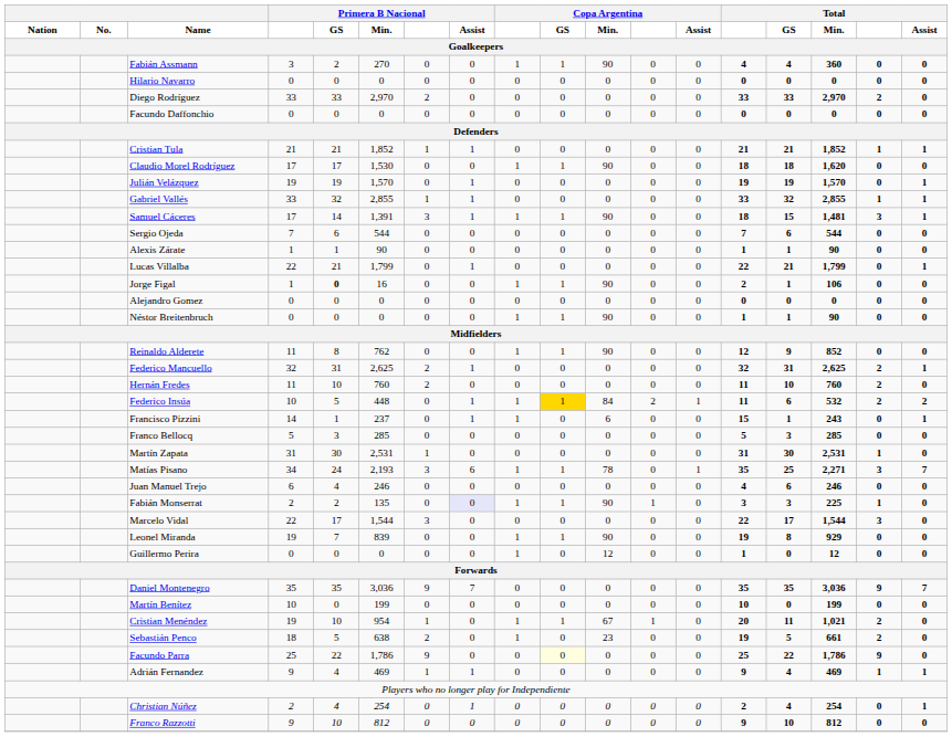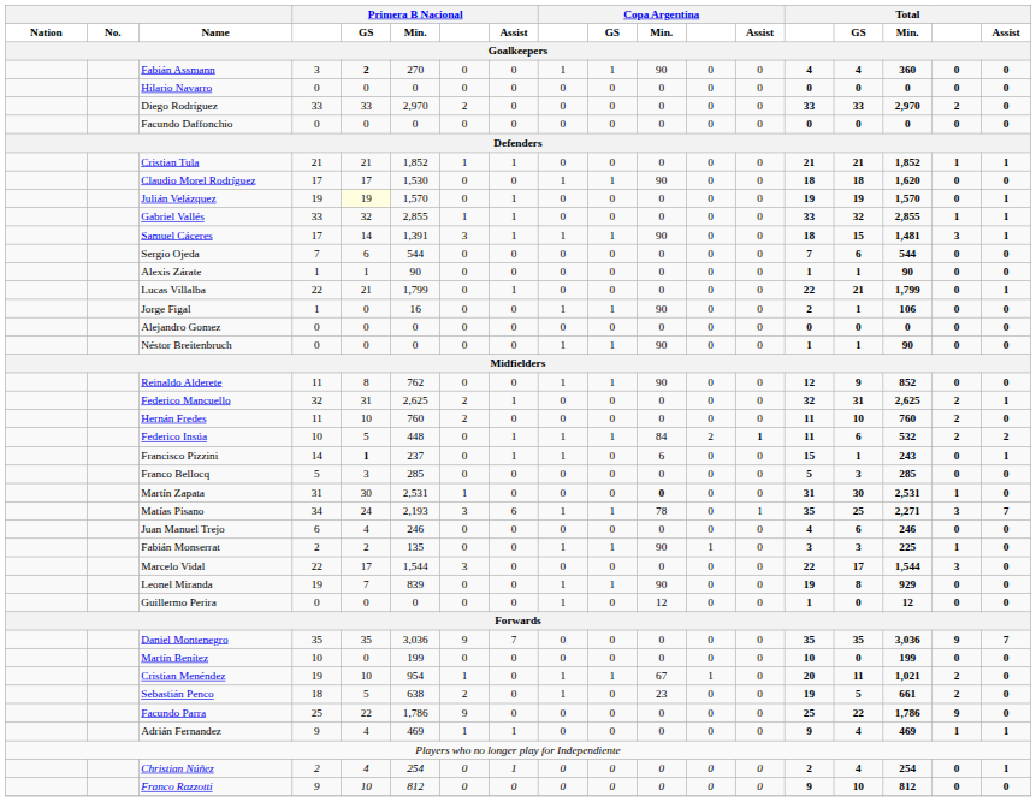 <table class="wikitable" style="font-size: 95%; text-align: center">
 <tr>
 <th colspan=3></th>
 <th colspan=5><a href='#'>Primera B Nacional</a></th>
 <th colspan=5><a href='#'>Copa Argentina</a></th>
 <th colspan=5>Total</th>
 </tr>
 <tr>
 <th width="8%" style="background: #FFFFFF">Nation</th>
 <th width="5%" style="background: #FFFFFF">No.</th>
 <th width="15%" style="background: #FFFFFF">Name</th>
 <th width=60 style="background: #FFFFFF"></th>
 <th width=60 style="background: #FFFFFF">GS</th>
 <th width=60 style="background: #FFFFFF">Min.</th>
 <th width=60 style="background: #FFFFFF"></th>
 <th width=60 style="background: #FFFFFF">Assist</th>
 <th width=60 style="background: #FFFFFF"></th>
 <th width=60 style="background: #FFFFFF">GS</th>
 <th width=60 style="background: #FFFFFF">Min.</th>
 <th width=60 style="background: #FFFFFF"></th>
 <th width=60 style="background: #FFFFFF">Assist</th>
 <th width=60 style="background: #FFFFFF"></th>
 <th width=60 style="background: #FFFFFF">GS</th>
 <th width=60 style="background: #FFFFFF">Min.</th>
 <th width=60 style="background: #FFFFFF"></th>
 <th width=60 style="background: #FFFFFF">Assist</th>
 </tr>
 <tr>
 <th colspan=31>Goalkeepers</th>
 </tr>
 <tr>
 <td></td>
 <td></td>
 <td align=left><a href='#'>Fabián Assmann</a></td>
 <td>3 </td>
-<td>2 </td>
+<td><strong>2 </strong></td>
 <td>270 </td>
 <td>0 </td>
 <td>0 </td>
 <td>1 </td>
 <td>1 </td>
 <td>90 </td>
 <td>0 </td>
 <td>0 </td>
 <td><strong>4</strong> </td>
 <td><strong>4</strong> </td>
 <td><strong>360</strong> </td>
 <td><strong>0</strong> </td>
 <td><strong>0</strong> </td>
 </tr>
 <tr>
 <td></td>
 <td></td>
 <td align=left><a href='#'>Hilario Navarro</a></td>
 <td>0 </td>
 <td>0 </td>
 <td>0 </td>
 <td>0 </td>
 <td>0 </td>
 <td>0 </td>
 <td>0 </td>
 <td>0 </td>
 <td>0 </td>
 <td>0 </td>
 <td><strong>0</strong> </td>
 <td><strong>0</strong> </td>
 <td><strong>0</strong> </td>
 <td><strong>0</strong> </td>
 <td><strong>0</strong> </td>
 </tr>
 <tr>
 <td></td>
 <td></td>
 <td align=left>Diego Rodríguez</td>
 <td>33 </td>
 <td>33  </td>
 <td>2,970 </td>
 <td>2 </td>
 <td>0 </td>
 <td>0 </td>
 <td>0 </td>
 <td>0 </td>
 <td>0 </td>
 <td>0 </td>
 <td><strong>33</strong> </td>
 <td><strong>33</strong> </td>
 <td><strong>2,970</strong> </td>
 <td><strong>2</strong> </td>
 <td><strong>0</strong> </td>
 </tr>
 <tr>
 <td></td>
 <td></td>
 <td align=left>Facundo Daffonchio</td>
 <td>0 </td>
 <td>0 </td>
 <td>0 </td>
 <td>0 </td>
 <td>0 </td>
 <td>0 </td>
 <td>0 </td>
 <td>0 </td>
 <td>0 </td>
 <td>0 </td>
 <td><strong>0</strong> </td>
 <td><strong>0</strong> </td>
 <td><strong>0</strong> </td>
 <td><strong>0</strong> </td>
 <td><strong>0</strong> </td>
 </tr>
 <tr>
 <th colspan=31>Defenders</th>
 </tr>
 <tr>
 <td></td>
 <td></td>
 <td align=left><a href='#'>Cristian Tula</a></td>
 <td>21 </td>
 <td>21 </td>
 <td>1,852 </td>
 <td>1 </td>
 <td>1 </td>
 <td>0 </td>
 <td>0 </td>
 <td>0 </td>
 <td>0 </td>
 <td>0 </td>
 <td><strong>21</strong> </td>
 <td><strong>21</strong> </td>
 <td><strong>1,852</strong> </td>
 <td><strong>1</strong> </td>
 <td><strong>1</strong> </td>
 </tr>
 <tr>
 <td></td>
 <td></td>
 <td align=left><a href='#'>Claudio Morel Rodríguez</a></td>
 <td>17 </td>
 <td>17 </td>
 <td>1,530 </td>
 <td>0 </td>
 <td>0 </td>
 <td>1 </td>
 <td>1 </td>
 <td>90 </td>
 <td>0 </td>
 <td>0 </td>
 <td><strong>18</strong> </td>
 <td><strong>18</strong> </td>
 <td><strong>1,620</strong> </td>
 <td><strong>0</strong> </td>
 <td><strong>0</strong> </td>
 </tr>
 <tr>
 <td></td>
 <td></td>
 <td align=left><a href='#'>Julián Velázquez</a></td>
 <td>19 </td>
-<td>19 </td>
+<td style="background: lightyellow;">19 </td>
 <td>1,570 </td>
 <td>0 </td>
 <td>1 </td>
 <td>0 </td>
 <td>0 </td>
 <td>0 </td>
 <td>0 </td>
 <td>0 </td>
 <td><strong>19</strong> </td>
 <td><strong>19</strong> </td>
 <td><strong>1,570</strong> </td>
 <td><strong>0</strong> </td>
 <td><strong>1</strong> </td>
 </tr>
 <tr>
 <td></td>
 <td></td>
 <td align=left><a href='#'>Gabriel Vallés</a></td>
 <td>33 </td>
 <td>32 </td>
 <td>2,855 </td>
 <td>1 </td>
 <td>1 </td>
 <td>0 </td>
 <td>0 </td>
 <td>0 </td>
 <td>0 </td>
 <td>0 </td>
 <td><strong>33</strong> </td>
 <td><strong>32</strong> </td>
 <td><strong>2,855</strong> </td>
 <td><strong>1</strong> </td>
 <td><strong>1</strong> </td>
 </tr>
 <tr>
 <td></td>
 <td></td>
 <td align=left><a href='#'>Samuel Cáceres</a></td>
 <td>17 </td>
 <td>14 </td>
 <td>1,391 </td>
 <td>3 </td>
 <td>1 </td>
 <td>1 </td>
 <td>1 </td>
 <td>90 </td>
 <td>0 </td>
 <td>0 </td>
 <td><strong>18</strong> </td>
 <td><strong>15</strong> </td>
 <td><strong>1,481</strong> </td>
 <td><strong>3</strong> </td>
 <td><strong>1</strong> </td>
 </tr>
 <tr>
 <td></td>
 <td></td>
 <td align=left>Sergio Ojeda</td>
 <td>7 </td>
 <td>6 </td>
 <td>544 </td>
 <td>0 </td>
 <td>0 </td>
 <td>0 </td>
 <td>0 </td>
 <td>0 </td>
 <td>0 </td>
 <td>0 </td>
 <td><strong>7</strong> </td>
 <td><strong>6</strong> </td>
 <td><strong>544</strong> </td>
 <td><strong>0</strong> </td>
 <td><strong>0</strong> </td>
 </tr>
 <tr>
 <td></td>
 <td></td>
 <td align=left>Alexis Zárate</td>
 <td>1 </td>
 <td>1 </td>
 <td>90 </td>
 <td>0 </td>
 <td>0 </td>
 <td>0 </td>
 <td>0 </td>
 <td>0 </td>
 <td>0 </td>
 <td>0 </td>
 <td><strong>1</strong> </td>
 <td><strong>1</strong> </td>
 <td><strong>90</strong> </td>
 <td><strong>0</strong> </td>
 <td><strong>0</strong> </td>
 </tr>
 <tr>
 <td></td>
 <td></td>
 <td align=left>Lucas Villalba</td>
 <td>22 </td>
 <td>21 </td>
 <td>1,799 </td>
 <td>0 </td>
 <td>1 </td>
 <td>0 </td>
 <td>0 </td>
 <td>0 </td>
 <td>0 </td>
 <td>0 </td>
 <td><strong>22</strong> </td>
 <td><strong>21</strong> </td>
 <td><strong>1,799</strong> </td>
 <td><strong>0</strong> </td>
 <td><strong>1</strong> </td>
 </tr>
 <tr>
 <td></td>
 <td></td>
 <td align=left>Jorge Figal</td>
 <td>1 </td>
-<td><strong>0 </strong></td>
+<td>0 </td>
 <td>16 </td>
 <td>0 </td>
 <td>0 </td>
 <td>1 </td>
 <td>1 </td>
 <td>90 </td>
 <td>0 </td>
 <td>0 </td>
 <td><strong>2</strong> </td>
 <td><strong>1</strong> </td>
 <td><strong>106</strong> </td>
 <td><strong>0</strong> </td>
 <td><strong>0</strong> </td>
 </tr>
 <tr>
 <td></td>
 <td></td>
 <td align=left>Alejandro Gomez</td>
 <td>0 </td>
 <td>0 </td>
 <td>0 </td>
 <td>0 </td>
 <td>0 </td>
 <td>0 </td>
 <td>0 </td>
 <td>0 </td>
 <td>0 </td>
 <td>0 </td>
 <td><strong>0</strong> </td>
 <td><strong>0</strong> </td>
 <td><strong>0</strong> </td>
 <td><strong>0</strong> </td>
 <td><strong>0</strong> </td>
 </tr>
 <tr>
 <td></td>
 <td></td>
 <td align=left>Néstor Breitenbruch</td>
 <td>0 </td>
 <td>0 </td>
 <td>0 </td>
 <td>0 </td>
 <td>0 </td>
 <td>1 </td>
 <td>1 </td>
 <td>90 </td>
 <td>0 </td>
 <td>0 </td>
 <td><strong>1</strong> </td>
 <td><strong>1</strong> </td>
 <td><strong>90</strong> </td>
 <td><strong>0</strong> </td>
 <td><strong>0</strong> </td>
 </tr>
 <tr>
 <th colspan=31>Midfielders</th>
 </tr>
 <tr>
 <td></td>
 <td></td>
 <td align=left><a href='#'>Reinaldo Alderete</a></td>
 <td>11 </td>
 <td>8 </td>
 <td>762 </td>
 <td>0 </td>
 <td>0 </td>
 <td>1 </td>
 <td>1 </td>
 <td>90 </td>
 <td>0 </td>
 <td>0 </td>
 <td><strong>12</strong> </td>
 <td><strong>9</strong> </td>
 <td><strong>852</strong> </td>
 <td><strong>0</strong> </td>
 <td><strong>0</strong> </td>
 </tr>
 <tr>
 <td></td>
 <td></td>
 <td align=left><a href='#'>Federico Mancuello</a></td>
 <td>32 </td>
 <td>31 </td>
 <td>2,625 </td>
 <td>2 </td>
 <td>1 </td>
 <td>0 </td>
 <td>0 </td>
 <td>0 </td>
 <td>0 </td>
 <td>0 </td>
 <td><strong>32</strong> </td>
 <td><strong>31</strong> </td>
 <td><strong>2,625</strong> </td>
 <td><strong>2</strong> </td>
 <td><strong>1</strong> </td>
 </tr>
 <tr>
 <td></td>
 <td></td>
 <td align=left><a href='#'>Hernán Fredes</a></td>
 <td>11 </td>
 <td>10 </td>
 <td>760 </td>
 <td>2 </td>
 <td>0 </td>
 <td>0 </td>
 <td>0 </td>
 <td>0 </td>
 <td>0 </td>
 <td>0 </td>
 <td><strong>11</strong> </td>
 <td><strong>10</strong> </td>
 <td><strong>760</strong> </td>
 <td><strong>2</strong> </td>
 <td><strong>0</strong> </td>
 </tr>
 <tr>
 <td></td>
 <td></td>
 <td align=left><a href='#'>Federico Insúa</a></td>
 <td>10 </td>
 <td>5 </td>
 <td>448 </td>
 <td>0 </td>
 <td>1 </td>
 <td>1 </td>
-<td style="background: gold;">1 </td>
+<td>1 </td>
 <td>84 </td>
 <td>2 </td>
-<td>1 </td>
+<td><strong>1 </strong></td>
 <td><strong>11</strong> </td>
 <td><strong>6</strong> </td>
 <td><strong>532</strong> </td>
 <td><strong>2</strong> </td>
 <td><strong>2</strong> </td>
 </tr>
 <tr>
 <td></td>
 <td></td>
 <td align=left>Francisco Pizzini</td>
 <td>14 </td>
-<td>1 </td>
+<td><strong>1 </strong></td>
 <td>237 </td>
 <td>0 </td>
 <td>1 </td>
 <td>1 </td>
 <td>0 </td>
 <td>6 </td>
 <td>0 </td>
 <td>0 </td>
 <td><strong>15</strong> </td>
 <td><strong>1</strong> </td>
 <td><strong>243</strong> </td>
 <td><strong>0</strong> </td>
 <td><strong>1</strong> </td>
 </tr>
 <tr>
 <td></td>
 <td></td>
 <td align=left>Franco Bellocq</td>
 <td>5 </td>
 <td>3 </td>
 <td>285 </td>
 <td>0 </td>
 <td>0 </td>
 <td>0 </td>
 <td>0 </td>
 <td>0 </td>
 <td>0 </td>
 <td>0 </td>
 <td><strong>5</strong> </td>
 <td><strong>3</strong> </td>
 <td><strong>285</strong> </td>
 <td><strong>0</strong> </td>
 <td><strong>0</strong> </td>
 </tr>
 <tr>
 <td></td>
 <td></td>
 <td align=left>Martín Zapata</td>
 <td>31 </td>
 <td>30 </td>
 <td>2,531 </td>
 <td>1 </td>
 <td>0 </td>
 <td>0 </td>
 <td>0 </td>
-<td>0 </td>
+<td><strong>0 </strong></td>
 <td>0 </td>
 <td>0 </td>
 <td><strong>31</strong> </td>
 <td><strong>30</strong> </td>
 <td><strong>2,531</strong> </td>
 <td><strong>1</strong> </td>
 <td><strong>0</strong> </td>
 </tr>
 <tr>
 <td></td>
 <td></td>
 <td align=left>Matías Pisano</td>
 <td>34 </td>
 <td>24 </td>
 <td>2,193 </td>
 <td>3 </td>
 <td>6 </td>
 <td>1 </td>
 <td>1 </td>
 <td>78 </td>
 <td>0 </td>
 <td>1 </td>
 <td><strong>35</strong> </td>
 <td><strong>25</strong> </td>
 <td><strong>2,271</strong> </td>
 <td><strong>3</strong> </td>
 <td><strong>7</strong> </td>
 </tr>
 <tr>
 <td></td>
 <td></td>
 <td align=left>Juan Manuel Trejo</td>
 <td>6 </td>
 <td>4 </td>
 <td>246 </td>
 <td>0 </td>
 <td>0 </td>
 <td>0 </td>
 <td>0 </td>
 <td>0 </td>
 <td>0 </td>
 <td>0 </td>
 <td><strong>4</strong> </td>
 <td><strong>6</strong> </td>
 <td><strong>246</strong> </td>
 <td><strong>0</strong> </td>
 <td><strong>0</strong> </td>
 </tr>
 <tr>
 <td></td>
 <td></td>
 <td align=left>Fabián Monserrat</td>
 <td>2 </td>
 <td>2 </td>
 <td>135 </td>
 <td>0 </td>
-<td style="background: lavender;">0 </td>
+<td>0 </td>
 <td>1 </td>
 <td>1 </td>
 <td>90 </td>
 <td>1 </td>
 <td>0 </td>
 <td><strong>3</strong> </td>
 <td><strong>3</strong> </td>
 <td><strong>225</strong> </td>
 <td><strong>1</strong> </td>
 <td><strong>0</strong> </td>
 </tr>
 <tr>
 <td></td>
 <td></td>
 <td align=left>Marcelo Vidal</td>
 <td>22 </td>
 <td>17 </td>
 <td>1,544 </td>
 <td>3 </td>
 <td>0 </td>
 <td>0 </td>
 <td>0 </td>
 <td>0 </td>
 <td>0 </td>
 <td>0 </td>
 <td><strong>22</strong> </td>
 <td><strong>17</strong> </td>
 <td><strong>1,544</strong> </td>
 <td><strong>3</strong> </td>
 <td><strong>0</strong> </td>
 </tr>
 <tr>
 <td></td>
 <td></td>
 <td align=left>Leonel Miranda</td>
 <td>19 </td>
 <td>7 </td>
 <td>839 </td>
 <td>0 </td>
 <td>0 </td>
 <td>1 </td>
 <td>1 </td>
 <td>90 </td>
 <td>0 </td>
 <td>0 </td>
 <td><strong>19</strong> </td>
 <td><strong>8</strong> </td>
 <td><strong>929</strong> </td>
 <td><strong>0</strong> </td>
 <td><strong>0</strong> </td>
 </tr>
 <tr>
 <td></td>
 <td></td>
 <td align=left>Guillermo Perira</td>
 <td>0 </td>
 <td>0 </td>
 <td>0 </td>
 <td>0 </td>
 <td>0 </td>
 <td>1 </td>
 <td>0 </td>
 <td>12 </td>
 <td>0 </td>
 <td>0 </td>
 <td><strong>1</strong> </td>
 <td><strong>0</strong> </td>
 <td><strong>12</strong> </td>
 <td><strong>0</strong> </td>
 <td><strong>0</strong> </td>
 </tr>
 <tr>
 <th colspan=31>Forwards</th>
 </tr>
 <tr>
 <td></td>
 <td></td>
 <td align=left><a href='#'>Daniel Montenegro</a></td>
 <td>35 </td>
 <td>35 </td>
 <td>3,036 </td>
 <td>9 </td>
 <td>7 </td>
 <td>0 </td>
 <td>0 </td>
 <td>0 </td>
 <td>0 </td>
 <td>0 </td>
 <td><strong>35</strong> </td>
 <td><strong>35</strong> </td>
 <td><strong>3,036</strong> </td>
 <td><strong>9</strong> </td>
 <td><strong>7</strong> </td>
 </tr>
 <tr>
 <td></td>
 <td></td>
 <td align=left><a href='#'>Martín Benítez</a></td>
 <td>10 </td>
 <td>0 </td>
 <td>199 </td>
 <td>0 </td>
 <td>0 </td>
 <td>0 </td>
 <td>0 </td>
 <td>0 </td>
 <td>0 </td>
 <td>0 </td>
 <td><strong>10</strong> </td>
 <td><strong>0</strong> </td>
 <td><strong>199</strong> </td>
 <td><strong>0</strong> </td>
 <td><strong>0</strong> </td>
 </tr>
 <tr>
 <td></td>
 <td></td>
 <td align=left><a href='#'>Cristian Menéndez</a></td>
 <td>19 </td>
 <td>10 </td>
 <td>954 </td>
 <td>1 </td>
 <td>0 </td>
 <td>1 </td>
 <td>1 </td>
 <td>67 </td>
 <td>1 </td>
 <td>0 </td>
 <td><strong>20</strong> </td>
 <td><strong>11</strong> </td>
 <td><strong>1,021</strong> </td>
 <td><strong>2</strong> </td>
 <td><strong>0</strong> </td>
 </tr>
 <tr>
 <td></td>
 <td></td>
 <td align=left><a href='#'>Sebastián Penco</a></td>
 <td>18 </td>
 <td>5 </td>
 <td>638 </td>
 <td>2 </td>
 <td>0 </td>
 <td>1 </td>
 <td>0 </td>
 <td>23 </td>
 <td>0 </td>
 <td>0 </td>
 <td><strong>19</strong> </td>
 <td><strong>5</strong> </td>
 <td><strong>661</strong> </td>
 <td><strong>2</strong> </td>
 <td><strong>0</strong> </td>
 </tr>
 <tr>
 <td></td>
 <td></td>
 <td align=left><a href='#'>Facundo Parra</a></td>
 <td>25 </td>
 <td>22 </td>
 <td>1,786 </td>
 <td>9 </td>
 <td>0 </td>
 <td>0 </td>
-<td style="background: lightyellow;">0 </td>
+<td>0 </td>
 <td>0 </td>
 <td>0 </td>
 <td>0 </td>
 <td><strong>25</strong> </td>
 <td><strong>22</strong> </td>
 <td><strong>1,786</strong> </td>
 <td><strong>9</strong> </td>
 <td><strong>0</strong> </td>
 </tr>
 <tr>
 <td></td>
 <td></td>
 <td align=left>Adrián Fernandez</td>
 <td>9 </td>
 <td>4 </td>
 <td>469 </td>
 <td>1 </td>
 <td>1 </td>
 <td>0 </td>
 <td>0 </td>
 <td>0 </td>
 <td>0 </td>
 <td>0 </td>
 <td><strong>9</strong> </td>
 <td><strong>4</strong> </td>
 <td><strong>469</strong> </td>
 <td><strong>1</strong> </td>
 <td><strong>1</strong> </td>
 </tr>
 <tr>
 <td colspan="24"><em>Players who no longer play for Independiente</em></td>
 </tr>
 <tr>
 <td></td>
 <td></td>
 <td align=left><em><a href='#'>Christian Núñez</a></em></td>
 <td><em>2</em> </td>
 <td><em>4</em> </td>
 <td><em>254</em> </td>
 <td><em>0</em> </td>
 <td><em>1</em> </td>
 <td><em>0</em> </td>
 <td><em>0</em> </td>
 <td><em>0</em> </td>
 <td><em>0</em> </td>
 <td><em>0</em> </td>
 <td><strong>2</strong> </td>
 <td><strong>4</strong> </td>
 <td><strong>254</strong> </td>
 <td><strong>0</strong> </td>
 <td><strong>1</strong> </td>
 </tr>
 <tr>
 <td></td>
 <td></td>
 <td align=left><em><a href='#'>Franco Razzotti</a></em></td>
 <td><em>9</em> </td>
 <td><em>10</em> </td>
 <td><em>812</em> </td>
 <td><em>0</em> </td>
 <td><em>0</em> </td>
 <td><em>0</em> </td>
 <td><em>0</em> </td>
 <td><em>0</em> </td>
 <td><em>0</em> </td>
 <td><em>0</em> </td>
 <td><strong>9</strong> </td>
 <td><strong>10</strong> </td>
 <td><strong>812</strong> </td>
 <td><strong>0</strong> </td>
 <td><strong>0</strong> </td>
 </tr>
 <tr>
 </tr>
 </table>
